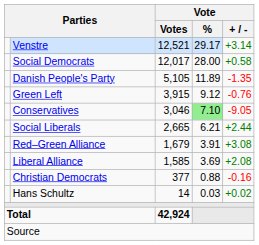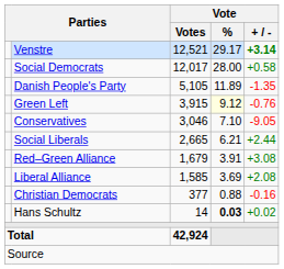 <table class="wikitable" style="text-align:right;">
 <tr>
 <th style="text-align:centre;" rowspan="2" colspan="2" width="225">Parties</th>
 <th colspan="3">Vote</th>
 </tr>
 <tr>
 <th width="15">Votes</th>
 <th width="15">%</th>
 <th width="15">+ / -</th>
 </tr>
 <tr>
 <td width="2" style="color:inherit;background:"></td>
 <td bgcolor=#cfe5fe  align="left"><a href='#'>Venstre</a></td>
 <td bgcolor=#cfe5fe>12,521</td>
 <td bgcolor=#cfe5fe>29.17</td>
-<td style=color:green;>+3.14</td>
+<td style=color:green;><strong>+3.14</strong></td>
 </tr>
 <tr>
 <td width="2" style="color:inherit;background:"></td>
 <td align="left"><a href='#'>Social Democrats</a></td>
 <td>12,017</td>
 <td>28.00</td>
 <td style=color:green;>+0.58</td>
 </tr>
 <tr>
 <td width="2" style="color:inherit;background:"></td>
 <td align="left"><a href='#'>Danish People's Party</a></td>
 <td>5,105</td>
 <td>11.89</td>
 <td style=color:red;>-1.35</td>
 </tr>
 <tr>
 <td width="2" style="color:inherit;background:"></td>
 <td align="left"><a href='#'>Green Left</a></td>
 <td>3,915</td>
-<td>9.12</td>
+<td style="background: lightyellow;">9.12</td>
 <td style=color:red;>-0.76</td>
 </tr>
 <tr>
 <td width="2" style="color:inherit;background:"></td>
 <td align="left"><a href='#'>Conservatives</a></td>
 <td>3,046</td>
-<td style="background: lightgreen;">7.10</td>
+<td>7.10</td>
 <td style=color:red;>-9.05</td>
 </tr>
 <tr>
 <td width="2" style="color:inherit;background:"></td>
 <td align="left"><a href='#'>Social Liberals</a></td>
 <td>2,665</td>
 <td>6.21</td>
 <td style=color:green;>+2.44</td>
 </tr>
 <tr>
 <td width="2" style="color:inherit;background:"></td>
 <td align="left"><a href='#'>Red–Green Alliance</a></td>
 <td>1,679</td>
 <td>3.91</td>
 <td style=color:green;>+3.08</td>
 </tr>
 <tr>
 <td width="2" style="color:inherit;background:"></td>
 <td align="left"><a href='#'>Liberal Alliance</a></td>
 <td>1,585</td>
 <td>3.69</td>
 <td style=color:green;>+2.08</td>
 </tr>
 <tr>
 <td width="2" style="color:inherit;background:"></td>
 <td align="left"><a href='#'>Christian Democrats</a></td>
 <td>377</td>
 <td>0.88</td>
 <td style=color:red;>-0.16</td>
 </tr>
 <tr>
 <td width="2" style="color:inherit;background:"></td>
 <td align="left">Hans Schultz</td>
 <td>14</td>
-<td>0.03</td>
+<td><strong>0.03</strong></td>
 <td style=color:green;>+0.02</td>
 </tr>
 <tr>
 <td colspan="7" bgcolor="#E9E9E9"></td>
 </tr>
 <tr>
 <td align="left" colspan="2"><strong>Total</strong></td>
 <td><strong>42,924</strong></td>
 <td bgcolor="#E9E9E9" colspan="2"></td>
 </tr>
 <tr>
 <td align="left" colspan="6">Source</td>
 </tr>
 </table>
